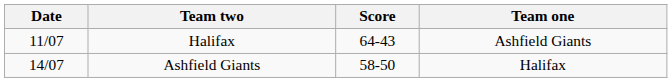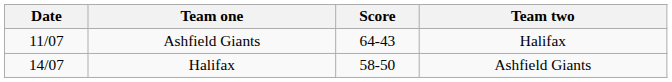 <table class="wikitable" style="text-align: center">
 <tr>
 <th width=80>Date</th>
+<th width=250>Team one</th>
+<th width=80>Score</th>
 <th width=250>Team two</th>
-<th width=80>Score</th>
-<th width=250>Team one</th>
 </tr>
 <tr>
 <td>11/07</td>
+<td>Ashfield Giants</td>
+<td>64-43</td>
 <td>Halifax</td>
-<td>64-43</td>
-<td>Ashfield Giants</td>
 </tr>
 <tr>
 <td>14/07</td>
+<td>Halifax</td>
+<td>58-50</td>
 <td>Ashfield Giants</td>
-<td>58-50</td>
-<td>Halifax</td>
 </tr>
 </table>
